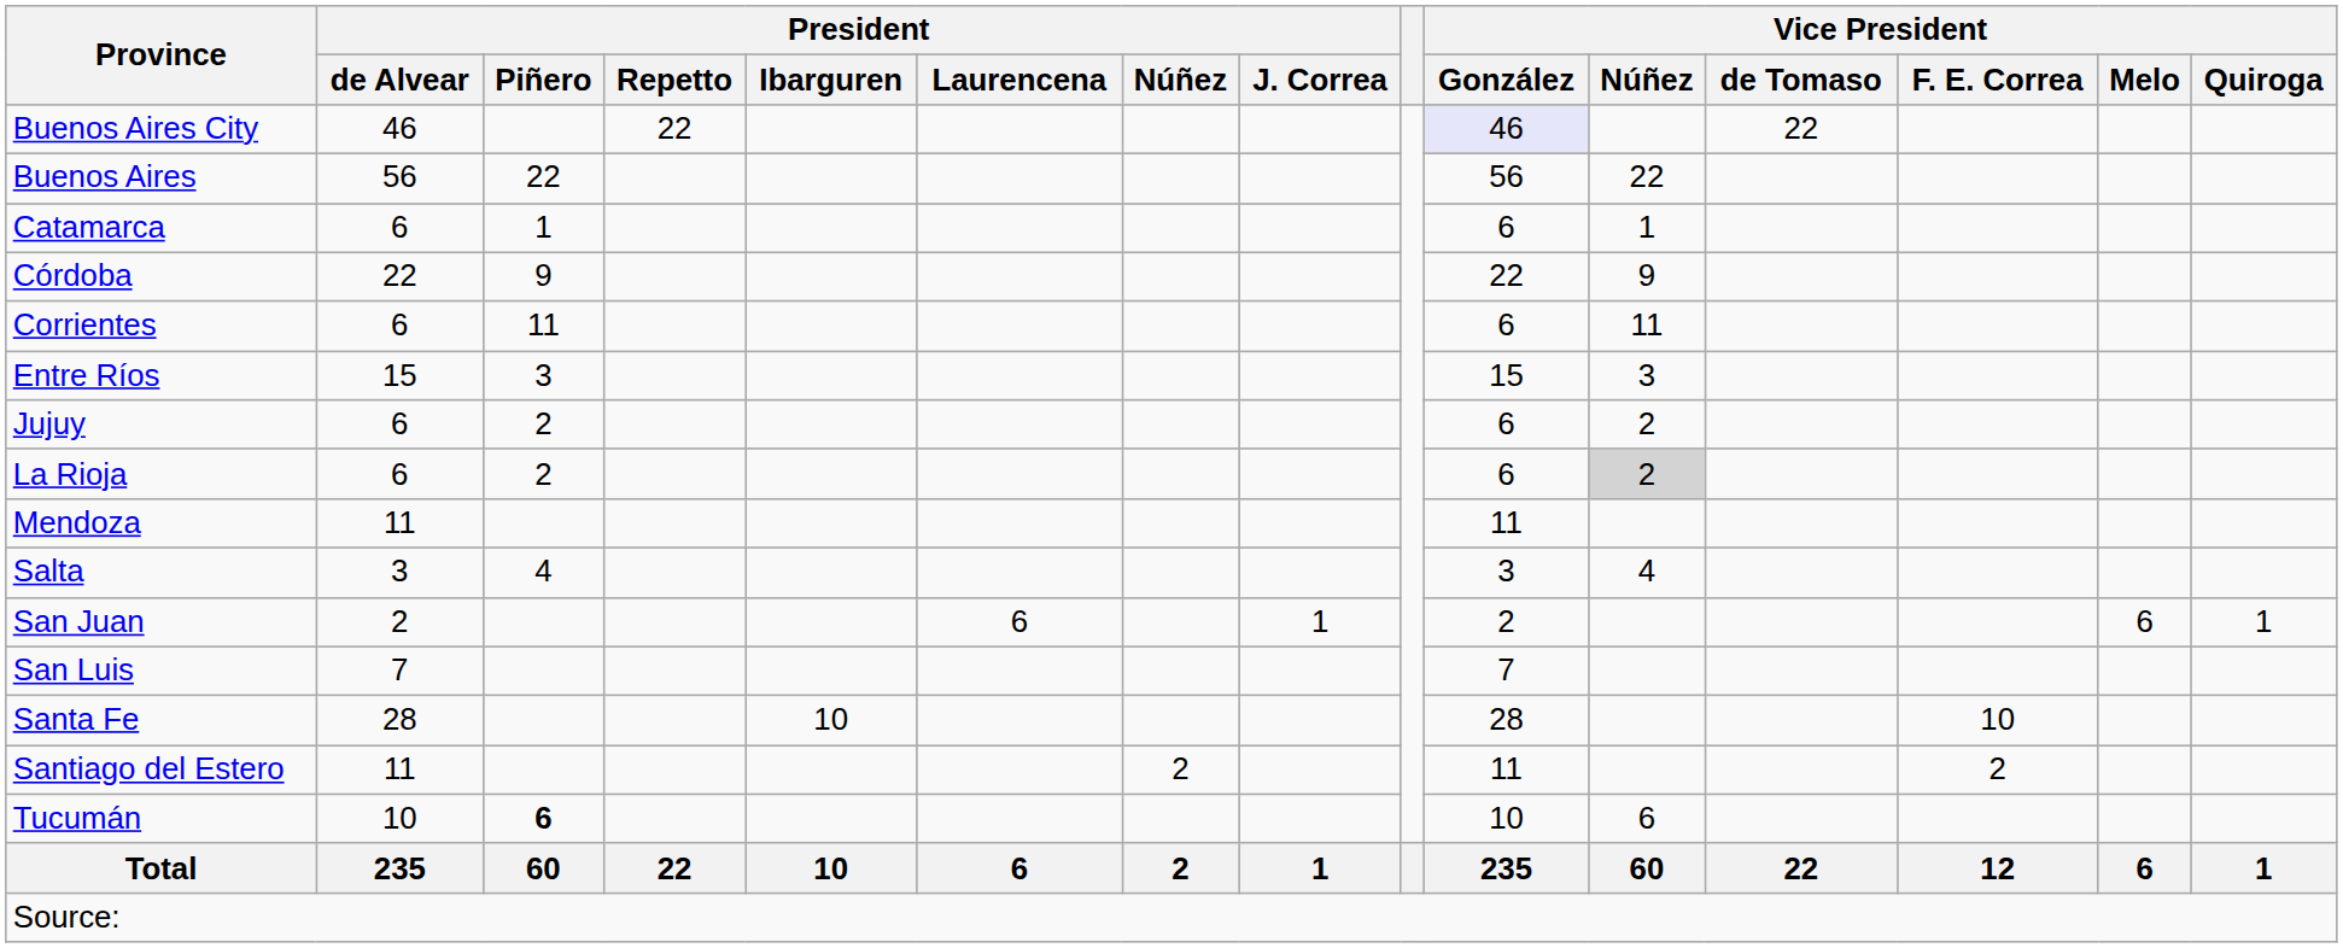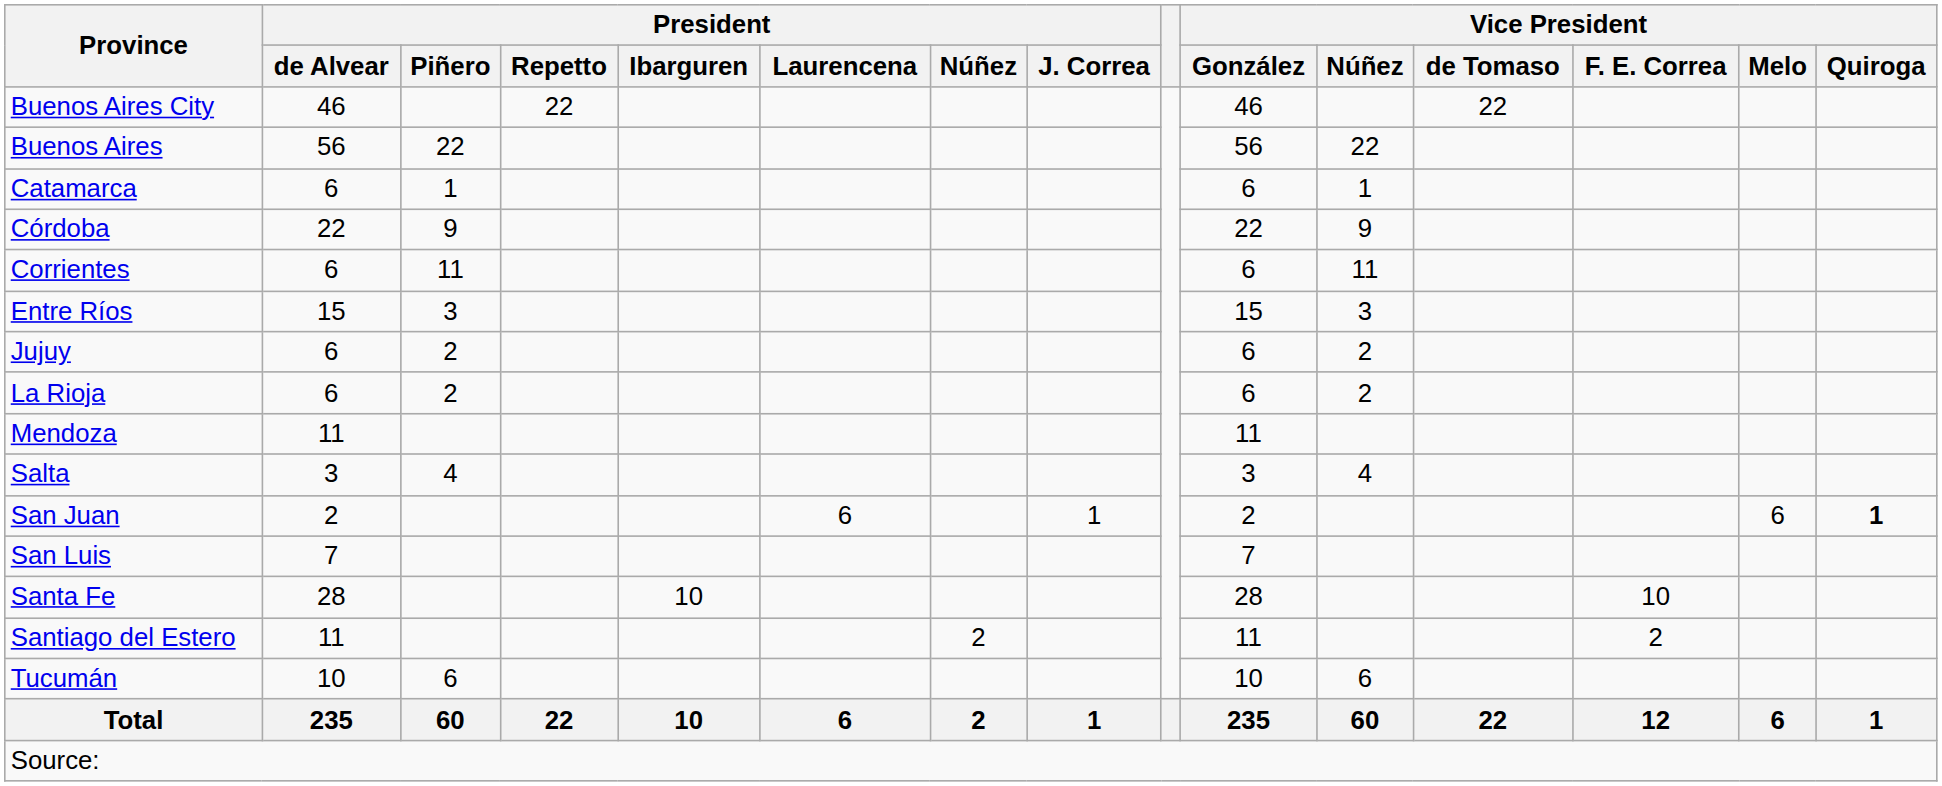 <table class="wikitable" width="95%" style="text-align:center;">
 <tr>
 <th rowspan=2>Province</th>
 <th colspan=7>President</th>
 <th rowspan=2 width="1%"></th>
 <th colspan=6>Vice President</th>
 </tr>
 <tr>
 <th>de Alvear</th>
 <th>Piñero</th>
 <th>Repetto</th>
 <th>Ibarguren</th>
 <th>Laurencena</th>
 <th>Núñez</th>
 <th>J. Correa</th>
 <th>González</th>
 <th>Núñez</th>
 <th>de Tomaso</th>
 <th>F. E. Correa</th>
 <th>Melo</th>
 <th>Quiroga</th>
 </tr>
 <tr>
 <td align="left"><a href='#'>Buenos Aires City</a></td>
 <td>46</td>
 <td></td>
 <td>22</td>
 <td></td>
 <td></td>
 <td></td>
 <td></td>
 <td rowspan=15></td>
-<td style="background: lavender;">46</td>
+<td>46</td>
 <td></td>
 <td>22</td>
 <td></td>
 <td></td>
 <td></td>
 </tr>
 <tr>
 <td align="left"><a href='#'>Buenos Aires</a></td>
 <td>56</td>
 <td>22</td>
 <td></td>
 <td></td>
 <td></td>
 <td></td>
 <td></td>
 <td>56</td>
 <td>22</td>
 <td></td>
 <td></td>
 <td></td>
 <td></td>
 </tr>
 <tr>
 <td align="left"><a href='#'>Catamarca</a></td>
 <td>6</td>
 <td>1</td>
 <td></td>
 <td></td>
 <td></td>
 <td></td>
 <td></td>
 <td>6</td>
 <td>1</td>
 <td></td>
 <td></td>
 <td></td>
 <td></td>
 </tr>
 <tr>
 <td align="left"><a href='#'>Córdoba</a></td>
 <td>22</td>
 <td>9</td>
 <td></td>
 <td></td>
 <td></td>
 <td></td>
 <td></td>
 <td>22</td>
 <td>9</td>
 <td></td>
 <td></td>
 <td></td>
 <td></td>
 </tr>
 <tr>
 <td align="left"><a href='#'>Corrientes</a></td>
 <td>6</td>
 <td>11</td>
 <td></td>
 <td></td>
 <td></td>
 <td></td>
 <td></td>
 <td>6</td>
 <td>11</td>
 <td></td>
 <td></td>
 <td></td>
 <td></td>
 </tr>
 <tr>
 <td align="left"><a href='#'>Entre Ríos</a></td>
 <td>15</td>
 <td>3</td>
 <td></td>
 <td></td>
 <td></td>
 <td></td>
 <td></td>
 <td>15</td>
 <td>3</td>
 <td></td>
 <td></td>
 <td></td>
 <td></td>
 </tr>
 <tr>
 <td align="left"><a href='#'>Jujuy</a></td>
 <td>6</td>
 <td>2</td>
 <td></td>
 <td></td>
 <td></td>
 <td></td>
 <td></td>
 <td>6</td>
 <td>2</td>
 <td></td>
 <td></td>
 <td></td>
 <td></td>
 </tr>
 <tr>
 <td align="left"><a href='#'>La Rioja</a></td>
 <td>6</td>
 <td>2</td>
 <td></td>
 <td></td>
 <td></td>
 <td></td>
 <td></td>
 <td>6</td>
-<td style="background: lightgrey;">2</td>
+<td>2</td>
 <td></td>
 <td></td>
 <td></td>
 <td></td>
 </tr>
 <tr>
 <td align="left"><a href='#'>Mendoza</a></td>
 <td>11</td>
 <td></td>
 <td></td>
 <td></td>
 <td></td>
 <td></td>
 <td></td>
 <td>11</td>
 <td></td>
 <td></td>
 <td></td>
 <td></td>
 <td></td>
 </tr>
 <tr>
 <td align="left"><a href='#'>Salta</a></td>
 <td>3</td>
 <td>4</td>
 <td></td>
 <td></td>
 <td></td>
 <td></td>
 <td></td>
 <td>3</td>
 <td>4</td>
 <td></td>
 <td></td>
 <td></td>
 <td></td>
 </tr>
 <tr>
 <td align="left"><a href='#'>San Juan</a></td>
 <td>2</td>
 <td></td>
 <td></td>
 <td></td>
 <td>6</td>
 <td></td>
 <td>1</td>
 <td>2</td>
 <td></td>
 <td></td>
 <td></td>
 <td>6</td>
-<td>1</td>
+<td><strong>1</strong></td>
 </tr>
 <tr>
 <td align="left"><a href='#'>San Luis</a></td>
 <td>7</td>
 <td></td>
 <td></td>
 <td></td>
 <td></td>
 <td></td>
 <td></td>
 <td>7</td>
 <td></td>
 <td></td>
 <td></td>
 <td></td>
 <td></td>
 </tr>
 <tr>
 <td align="left"><a href='#'>Santa Fe</a></td>
 <td>28</td>
 <td></td>
 <td></td>
 <td>10</td>
 <td></td>
 <td></td>
 <td></td>
 <td>28</td>
 <td></td>
 <td></td>
 <td>10</td>
 <td></td>
 <td></td>
 </tr>
 <tr>
 <td align="left"><a href='#'>Santiago del Estero</a></td>
 <td>11</td>
 <td></td>
 <td></td>
 <td></td>
 <td></td>
 <td>2</td>
 <td></td>
 <td>11</td>
 <td></td>
 <td></td>
 <td>2</td>
 <td></td>
 <td></td>
 </tr>
 <tr>
 <td align="left"><a href='#'>Tucumán</a></td>
 <td>10</td>
-<td><strong>6</strong></td>
+<td>6</td>
 <td></td>
 <td></td>
 <td></td>
 <td></td>
 <td></td>
 <td>10</td>
 <td>6</td>
 <td></td>
 <td></td>
 <td></td>
 <td></td>
 </tr>
 <tr>
 <th>Total</th>
 <th>235</th>
 <th>60</th>
 <th>22</th>
 <th>10</th>
 <th>6</th>
 <th>2</th>
 <th>1</th>
 <th></th>
 <th>235</th>
 <th>60</th>
 <th>22</th>
 <th>12</th>
 <th>6</th>
 <th>1</th>
 </tr>
 <tr>
 <td colspan=15 align="left">Source:</td>
 </tr>
 </table>
